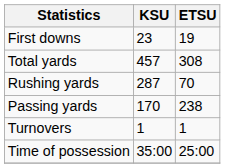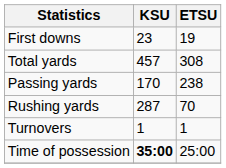 <table class="wikitable" style="float: left;">
 <tr>
 <th>Statistics</th>
 <th>KSU</th>
 <th>ETSU</th>
 </tr>
 <tr>
 <td>First downs</td>
 <td>23</td>
 <td>19</td>
 </tr>
 <tr>
 <td>Total yards</td>
 <td>457</td>
 <td>308</td>
 </tr>
 <tr>
+<td>Passing yards</td>
+<td>170</td>
+<td>238</td>
+</tr>
+<tr>
 <td>Rushing yards</td>
 <td>287</td>
 <td>70</td>
-</tr>
-<tr>
-<td>Passing yards</td>
-<td>170</td>
-<td>238</td>
 </tr>
 <tr>
 <td>Turnovers</td>
 <td>1</td>
 <td>1</td>
 </tr>
 <tr>
 <td>Time of possession</td>
-<td>35:00</td>
+<td><strong>35:00</strong></td>
 <td>25:00</td>
 </tr>
 <tr>
 </tr>
 </table>
